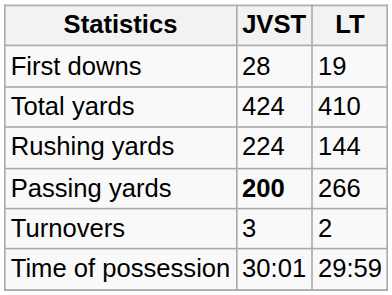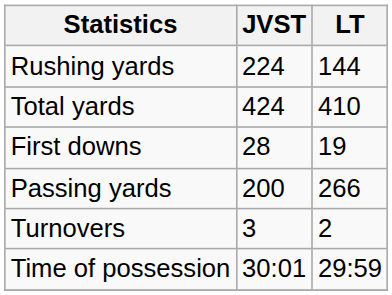 <table class="wikitable" style="float: left;">
 <tr>
 <th>Statistics</th>
 <th>JVST</th>
 <th>LT</th>
 </tr>
 <tr>
-<td>First downs</td>
-<td>28</td>
-<td>19</td>
+<td>Rushing yards</td>
+<td>224</td>
+<td>144</td>
 </tr>
 <tr>
 <td>Total yards</td>
 <td>424</td>
 <td>410</td>
 </tr>
 <tr>
-<td>Rushing yards</td>
-<td>224</td>
-<td>144</td>
+<td>First downs</td>
+<td>28</td>
+<td>19</td>
 </tr>
 <tr>
 <td>Passing yards</td>
-<td><strong>200</strong></td>
+<td>200</td>
 <td>266</td>
 </tr>
 <tr>
 <td>Turnovers</td>
 <td>3</td>
 <td>2</td>
 </tr>
 <tr>
 <td>Time of possession</td>
 <td>30:01</td>
 <td>29:59</td>
 </tr>
 <tr>
 </tr>
 </table>
